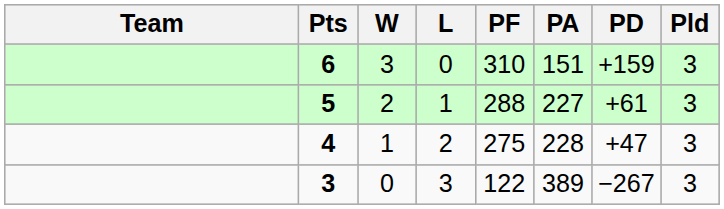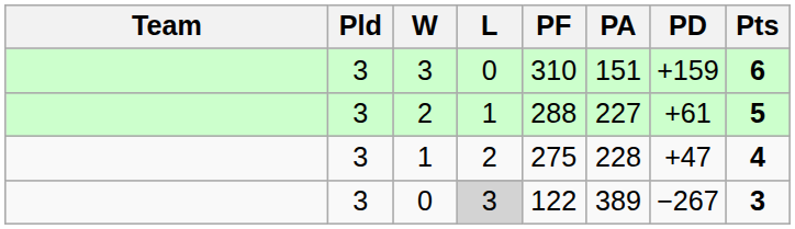 <table class=wikitable style="text-align:center">
 <tr>
 <th width=180>Team</th>
-<th width=30>Pts</th>
+<th width=30>Pld</th>
 <th width=30>W</th>
 <th width=30>L</th>
 <th width=30>PF</th>
 <th width=30>PA</th>
 <th width=30>PD</th>
-<th width=30>Pld</th>
+<th width=30>Pts</th>
 </tr>
 <tr align=center bgcolor="#ccffcc">
 <td align=left></td>
-<td><strong>6</strong></td>
+<td>3</td>
 <td>3</td>
 <td>0</td>
 <td>310</td>
 <td>151</td>
 <td>+159</td>
-<td>3</td>
+<td><strong>6</strong></td>
 </tr>
 <tr align=center bgcolor="#ccffcc">
 <td align=left></td>
-<td><strong>5</strong></td>
+<td>3</td>
 <td>2</td>
 <td>1</td>
 <td>288</td>
 <td>227</td>
 <td>+61</td>
-<td>3</td>
+<td><strong>5</strong></td>
 </tr>
 <tr align=center>
 <td align=left></td>
-<td><strong>4</strong></td>
+<td>3</td>
 <td>1</td>
 <td>2</td>
 <td>275</td>
 <td>228</td>
 <td>+47</td>
-<td>3</td>
+<td><strong>4</strong></td>
 </tr>
 <tr align=center>
 <td align=left></td>
-<td><strong>3</strong></td>
+<td>3</td>
 <td>0</td>
-<td>3</td>
+<td style="background: lightgrey;">3</td>
 <td>122</td>
 <td>389</td>
 <td>−267</td>
-<td>3</td>
+<td><strong>3</strong></td>
 </tr>
 </table>
